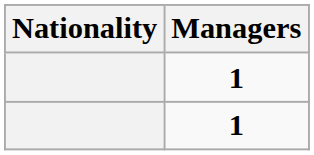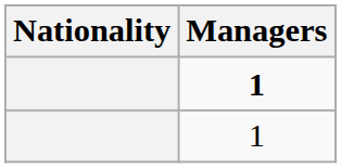 <table class="wikitable sortable plainrowheaders" style="text-align:center;">
 <tr>
 <th scope="col">Nationality</th>
 <th scope="col">Managers</th>
 </tr>
 <tr>
 <th scope="row"></th>
 <td><strong>1</strong></td>
 </tr>
 <tr>
 <th scope="row"></th>
-<td><strong>1</strong></td>
+<td>1</td>
 </tr>
 </table>
